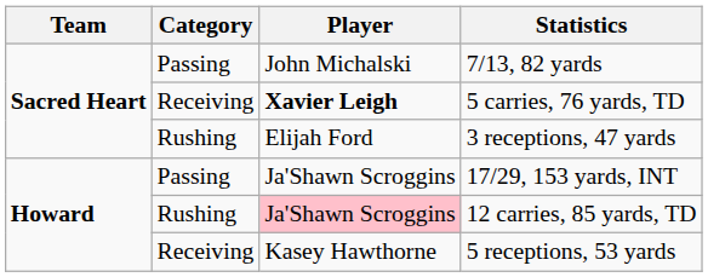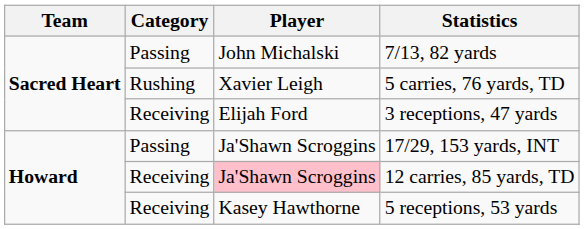 <table class="wikitable" style="float: right;">
 <tr>
 <th>Team</th>
 <th>Category</th>
 <th>Player</th>
 <th>Statistics</th>
 </tr>
 <tr>
 <td rowspan=3><strong>Sacred Heart</strong></td>
 <td>Passing</td>
 <td>John Michalski</td>
 <td>7/13, 82 yards</td>
 </tr>
 <tr>
-<td>Receiving</td>
-<td><strong>Xavier Leigh</strong></td>
+<td>Rushing</td>
+<td>Xavier Leigh</td>
 <td>5 carries, 76 yards, TD</td>
 </tr>
 <tr>
-<td>Rushing</td>
+<td>Receiving</td>
 <td>Elijah Ford</td>
 <td>3 receptions, 47 yards</td>
 </tr>
 <tr>
 <td rowspan=3><strong>Howard</strong></td>
 <td>Passing</td>
 <td>Ja'Shawn Scroggins</td>
 <td>17/29, 153 yards, INT</td>
 </tr>
 <tr>
-<td>Rushing</td>
+<td>Receiving</td>
 <td style="background: pink;">Ja'Shawn Scroggins</td>
 <td>12 carries, 85 yards, TD</td>
 </tr>
 <tr>
 <td>Receiving</td>
 <td>Kasey Hawthorne</td>
 <td>5 receptions, 53 yards</td>
 </tr>
 </table>
